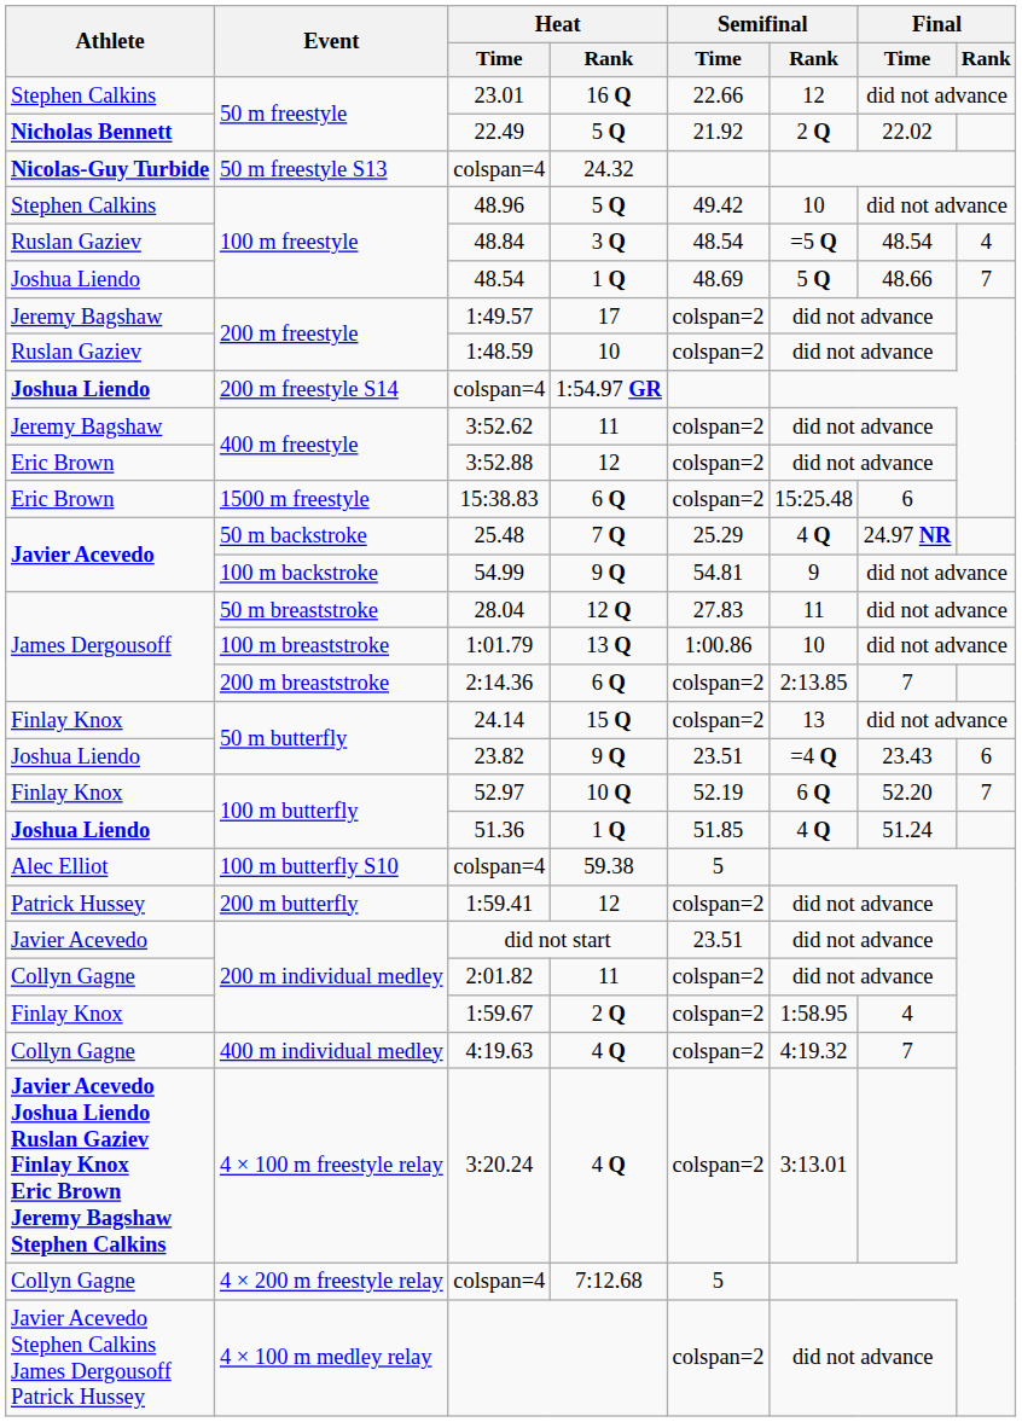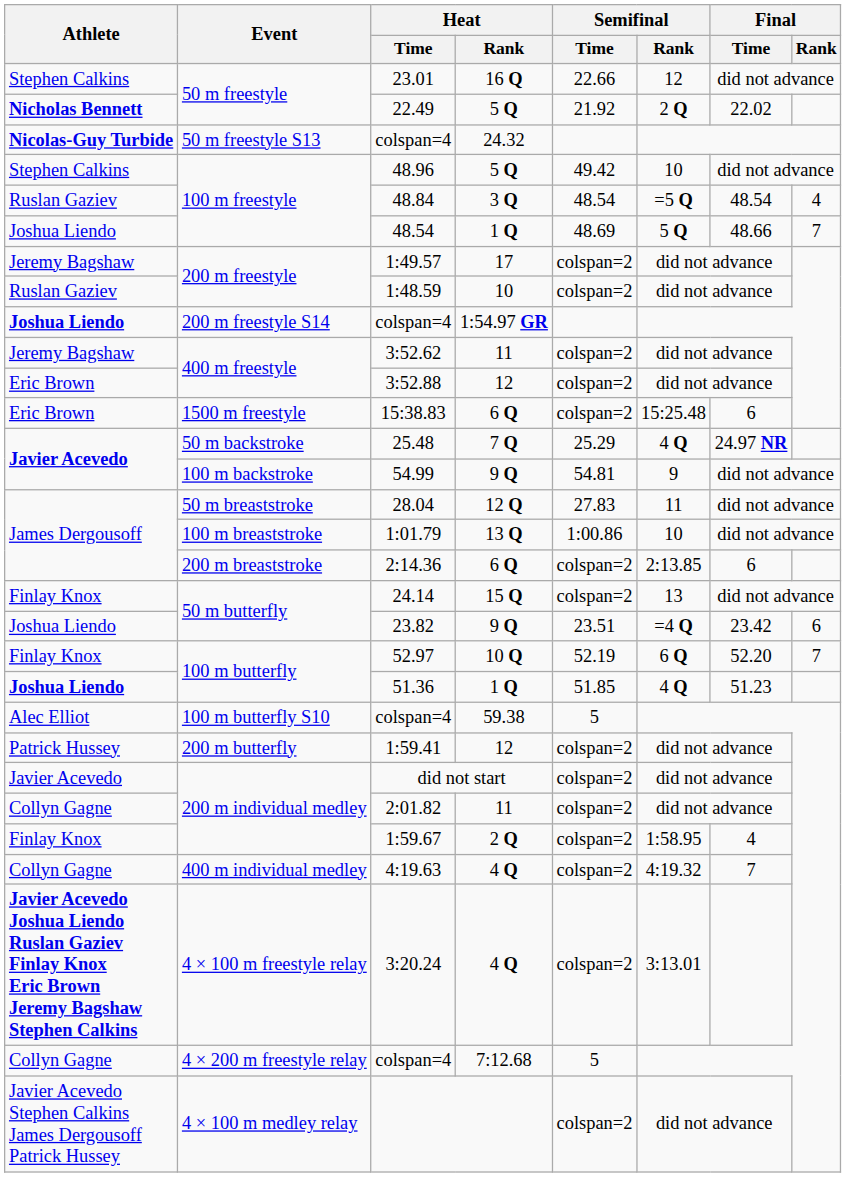 <table class=wikitable style=font-size:90%>
 <tr>
 <th rowspan=2>Athlete</th>
 <th rowspan=2>Event</th>
 <th colspan=2>Heat</th>
 <th colspan=2>Semifinal</th>
 <th colspan=2>Final</th>
 </tr>
 <tr style=font-size:95%>
 <th>Time</th>
 <th>Rank</th>
 <th>Time</th>
 <th>Rank</th>
 <th>Time</th>
 <th>Rank</th>
 </tr>
 <tr align=center>
 <td align=left><a href='#'>Stephen Calkins</a></td>
 <td align=left rowspan="2"><a href='#'>50 m freestyle</a></td>
 <td>23.01</td>
 <td>16 <strong>Q</strong></td>
 <td>22.66</td>
 <td>12</td>
 <td colspan="2">did not advance</td>
 </tr>
 <tr align=center>
 <td align=left><strong><a href='#'>Nicholas Bennett</a></strong></td>
 <td>22.49</td>
 <td>5 <strong>Q</strong></td>
 <td>21.92</td>
 <td>2 <strong>Q</strong></td>
 <td>22.02</td>
 <td></td>
 </tr>
 <tr align=center>
 <td align=left><strong><a href='#'>Nicolas-Guy Turbide</a></strong></td>
 <td align=left><a href='#'>50 m freestyle S13</a></td>
 <td>colspan=4</td>
 <td>24.32</td>
 <td></td>
 </tr>
 <tr align=center>
 <td align=left><a href='#'>Stephen Calkins</a></td>
 <td align=left rowspan="3"><a href='#'>100 m freestyle</a></td>
 <td>48.96</td>
 <td>5 <strong>Q</strong></td>
 <td>49.42</td>
 <td>10</td>
 <td colspan=2>did not advance</td>
 </tr>
 <tr align=center>
 <td align=left><a href='#'>Ruslan Gaziev</a></td>
 <td>48.84</td>
 <td>3 <strong>Q</strong></td>
 <td>48.54</td>
 <td>=5 <strong>Q</strong></td>
 <td>48.54</td>
 <td>4</td>
 </tr>
 <tr align=center>
 <td align=left><a href='#'>Joshua Liendo</a></td>
 <td>48.54</td>
 <td>1 <strong>Q</strong></td>
 <td>48.69</td>
 <td>5 <strong>Q</strong></td>
 <td>48.66</td>
 <td>7</td>
 </tr>
 <tr align=center>
 <td align=left><a href='#'>Jeremy Bagshaw</a></td>
 <td align=left rowspan="2"><a href='#'>200 m freestyle</a></td>
 <td>1:49.57</td>
 <td>17</td>
 <td>colspan=2 </td>
 <td colspan=2>did not advance</td>
 </tr>
 <tr align=center>
 <td align=left><a href='#'>Ruslan Gaziev</a></td>
 <td>1:48.59</td>
 <td>10</td>
 <td>colspan=2 </td>
 <td colspan=2>did not advance</td>
 </tr>
 <tr align=center>
 <td align=left><strong><a href='#'>Joshua Liendo</a></strong></td>
 <td align=left><a href='#'>200 m freestyle S14</a></td>
 <td>colspan=4 </td>
 <td>1:54.97 <strong><a href='#'>GR</a></strong></td>
 <td></td>
 </tr>
 <tr align=center>
 <td align=left><a href='#'>Jeremy Bagshaw</a></td>
 <td align=left rowspan="2"><a href='#'>400 m freestyle</a></td>
 <td>3:52.62</td>
 <td>11</td>
 <td>colspan=2 </td>
 <td colspan=2>did not advance</td>
 </tr>
 <tr align=center>
 <td align=left><a href='#'>Eric Brown</a></td>
 <td>3:52.88</td>
 <td>12</td>
 <td>colspan=2 </td>
 <td colspan=2>did not advance</td>
 </tr>
 <tr align=center>
 <td align=left><a href='#'>Eric Brown</a></td>
 <td align=left><a href='#'>1500 m freestyle</a></td>
 <td>15:38.83</td>
 <td>6 <strong>Q</strong></td>
 <td>colspan=2 </td>
 <td>15:25.48</td>
 <td>6</td>
 </tr>
 <tr align=center>
 <td align=left rowspan=2><strong><a href='#'>Javier Acevedo</a></strong></td>
 <td style="text-align:left;"><a href='#'>50 m backstroke</a></td>
 <td>25.48</td>
 <td>7 <strong>Q</strong></td>
 <td>25.29</td>
 <td>4 <strong>Q</strong></td>
 <td>24.97 <strong><a href='#'>NR</a></strong></td>
 <td></td>
 </tr>
 <tr align=center>
 <td style="text-align:left;"><a href='#'>100 m backstroke</a></td>
 <td>54.99</td>
 <td>9 <strong>Q</strong></td>
 <td>54.81</td>
 <td>9</td>
 <td colspan=2>did not advance</td>
 </tr>
 <tr align=center>
 <td align=left rowspan=3><a href='#'>James Dergousoff</a></td>
 <td align=left><a href='#'>50 m breaststroke</a></td>
 <td>28.04</td>
 <td>12 <strong>Q</strong></td>
 <td>27.83</td>
 <td>11</td>
 <td colspan=2>did not advance</td>
 </tr>
 <tr align=center>
 <td align=left><a href='#'>100 m breaststroke</a></td>
 <td>1:01.79</td>
 <td>13 <strong>Q</strong></td>
 <td>1:00.86</td>
 <td>10</td>
 <td colspan=2>did not advance</td>
 </tr>
 <tr align=center>
 <td align=left><a href='#'>200 m breaststroke</a></td>
 <td>2:14.36</td>
 <td>6 <strong>Q</strong></td>
 <td>colspan=2 </td>
 <td>2:13.85</td>
-<td>7</td>
+<td>6</td>
 </tr>
 <tr align=center>
 <td align=left><a href='#'>Finlay Knox</a></td>
 <td align=left rowspan="2"><a href='#'>50 m butterfly</a></td>
 <td>24.14</td>
 <td>15 <strong>Q</strong></td>
 <td>colspan=2 </td>
 <td>13</td>
 <td colspan=2>did not advance</td>
 </tr>
 <tr align=center>
 <td align=left><a href='#'>Joshua Liendo</a></td>
 <td>23.82</td>
 <td>9 <strong>Q</strong></td>
 <td>23.51</td>
 <td>=4 <strong>Q</strong></td>
-<td>23.43</td>
+<td>23.42</td>
 <td>6</td>
 </tr>
 <tr align=center>
 <td align=left><a href='#'>Finlay Knox</a></td>
 <td align=left rowspan="2"><a href='#'>100 m butterfly</a></td>
 <td>52.97</td>
 <td>10 <strong>Q</strong></td>
 <td>52.19</td>
 <td>6 <strong>Q</strong></td>
 <td>52.20</td>
 <td>7</td>
 </tr>
 <tr align=center>
 <td align=left><strong><a href='#'>Joshua Liendo</a></strong></td>
 <td>51.36</td>
 <td>1 <strong>Q</strong></td>
 <td>51.85</td>
 <td>4 <strong>Q</strong></td>
-<td>51.24</td>
+<td>51.23</td>
 <td></td>
 </tr>
 <tr align=center>
 <td align=left><a href='#'>Alec Elliot</a></td>
 <td align=left><a href='#'>100 m butterfly S10</a></td>
 <td>colspan=4 </td>
 <td>59.38</td>
 <td>5</td>
 </tr>
 <tr align=center>
 <td align=left><a href='#'>Patrick Hussey</a></td>
 <td align=left><a href='#'>200 m butterfly</a></td>
 <td>1:59.41</td>
 <td>12</td>
 <td>colspan=2 </td>
 <td colspan=2>did not advance</td>
 </tr>
 <tr align=center>
 <td align=left><a href='#'>Javier Acevedo</a></td>
 <td align=left rowspan="3"><a href='#'>200 m individual medley</a></td>
 <td colspan=2>did not start</td>
-<td>23.51</td>
+<td>colspan=2 </td>
 <td colspan=2>did not advance</td>
 </tr>
 <tr align=center>
 <td align=left><a href='#'>Collyn Gagne</a></td>
 <td>2:01.82</td>
 <td>11</td>
 <td>colspan=2 </td>
 <td colspan=2>did not advance</td>
 </tr>
 <tr align=center>
 <td align=left><a href='#'>Finlay Knox</a></td>
 <td>1:59.67</td>
 <td>2 <strong>Q</strong></td>
 <td>colspan=2 </td>
 <td>1:58.95</td>
 <td>4</td>
 </tr>
 <tr align=center>
 <td align=left><a href='#'>Collyn Gagne</a></td>
 <td align=left><a href='#'>400 m individual medley</a></td>
 <td>4:19.63</td>
 <td>4 <strong>Q</strong></td>
 <td>colspan=2 </td>
 <td>4:19.32</td>
 <td>7</td>
 </tr>
 <tr align=center>
 <td align=left><strong><a href='#'>Javier Acevedo</a><br><a href='#'>Joshua Liendo</a><br><a href='#'>Ruslan Gaziev</a><br><a href='#'>Finlay Knox</a><br><a href='#'>Eric Brown</a><br><a href='#'>Jeremy Bagshaw</a><br><a href='#'>Stephen Calkins</a></strong></td>
 <td align=left><a href='#'>4 × 100 m freestyle relay</a></td>
 <td>3:20.24</td>
 <td>4 <strong>Q</strong></td>
 <td>colspan=2 </td>
 <td>3:13.01</td>
 <td></td>
 </tr>
 <tr align=center>
 <td align=left><a href='#'>Collyn Gagne</a></td>
 <td align=left><a href='#'>4 × 200 m freestyle relay</a></td>
 <td>colspan=4 </td>
 <td>7:12.68</td>
 <td>5</td>
 </tr>
 <tr align=center>
 <td align=left><a href='#'>Javier Acevedo</a><br><a href='#'>Stephen Calkins</a><br><a href='#'>James Dergousoff</a><br><a href='#'>Patrick Hussey</a></td>
 <td align=left><a href='#'>4 × 100 m medley relay</a></td>
 <td colspan=2></td>
 <td>colspan=2 </td>
 <td colspan=2>did not advance</td>
 </tr>
 </table>
